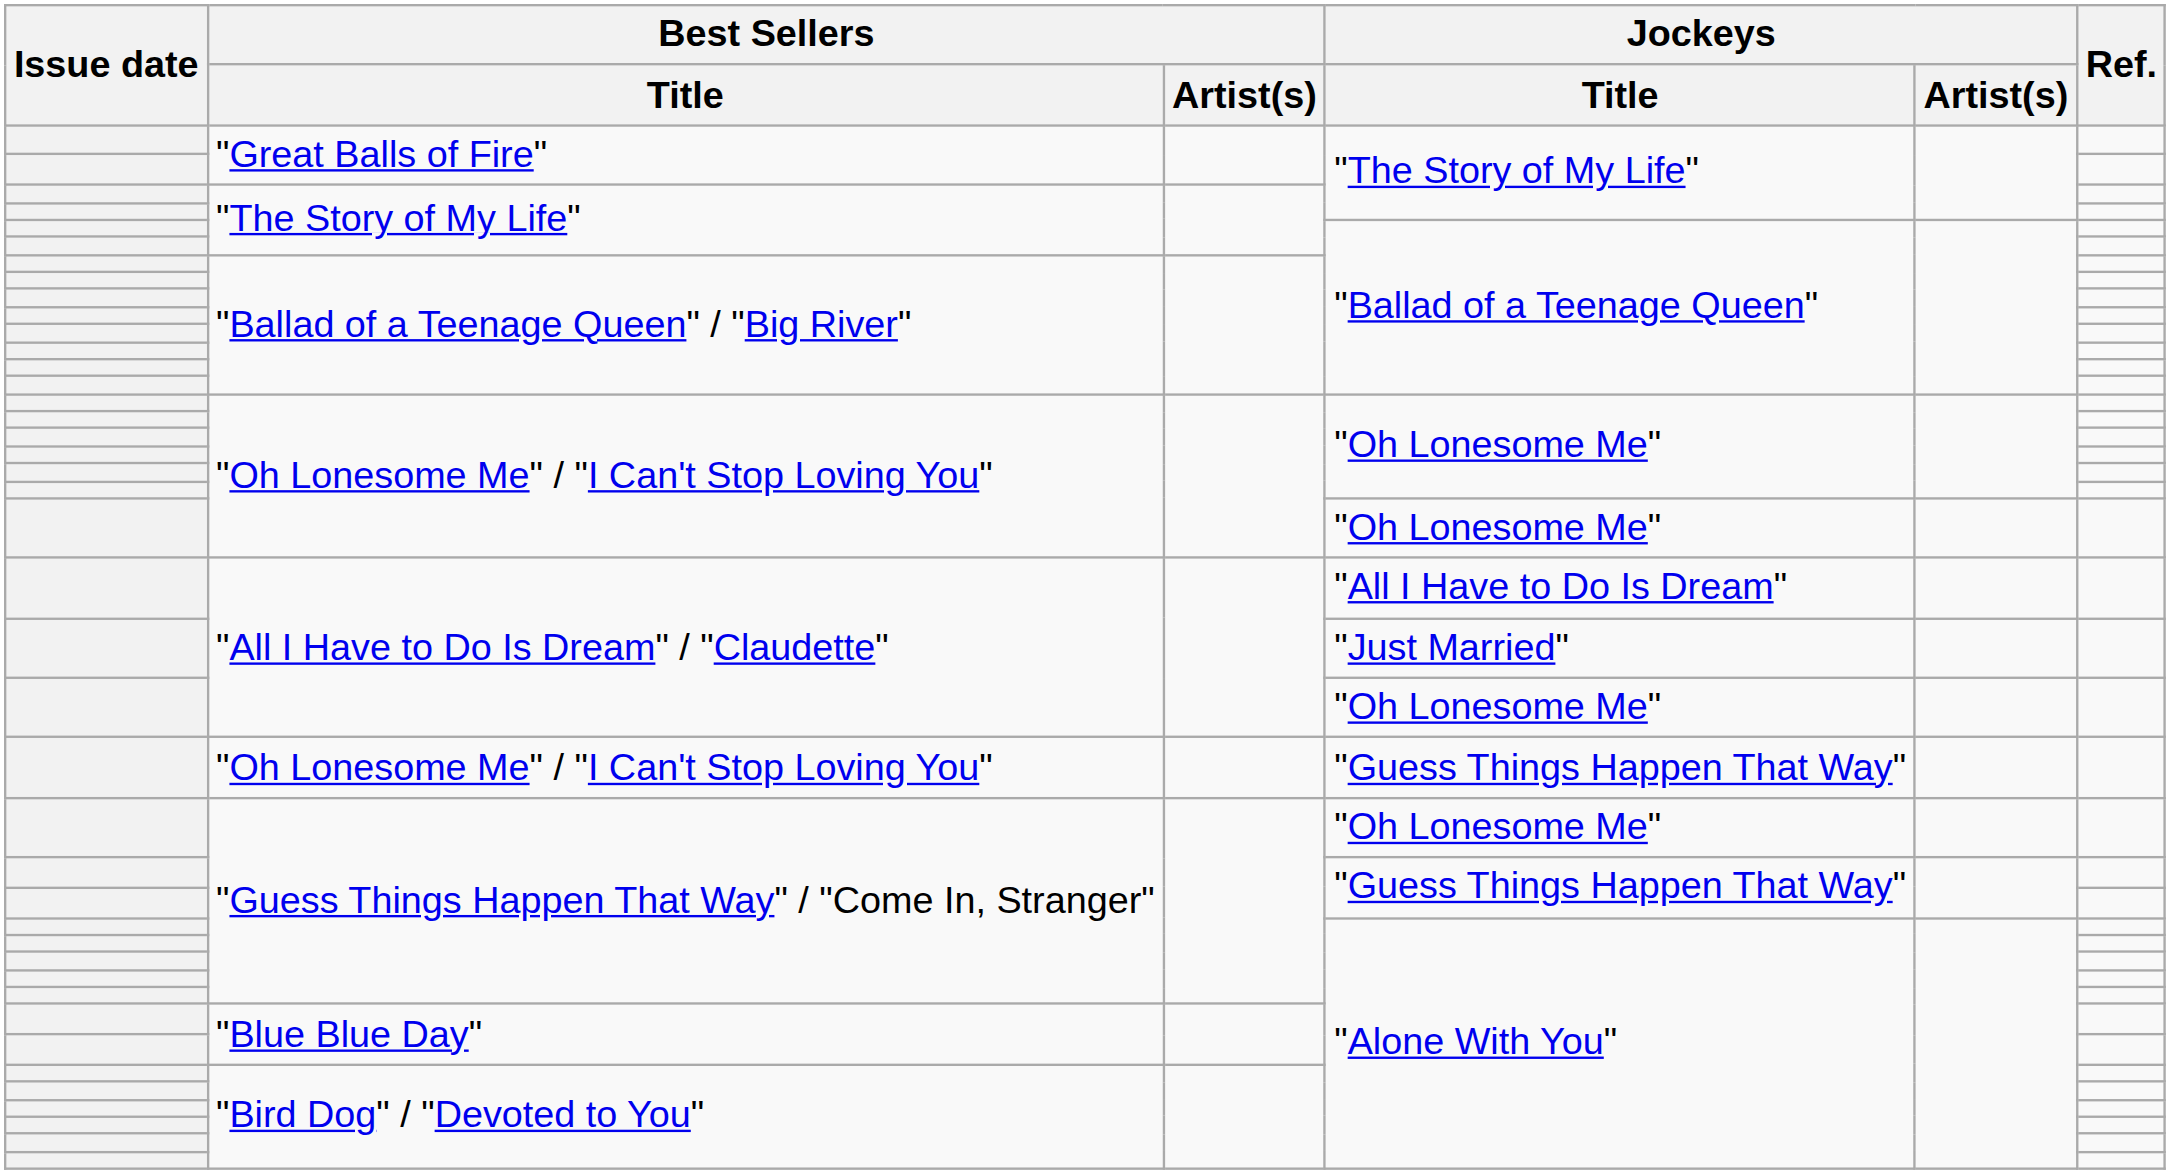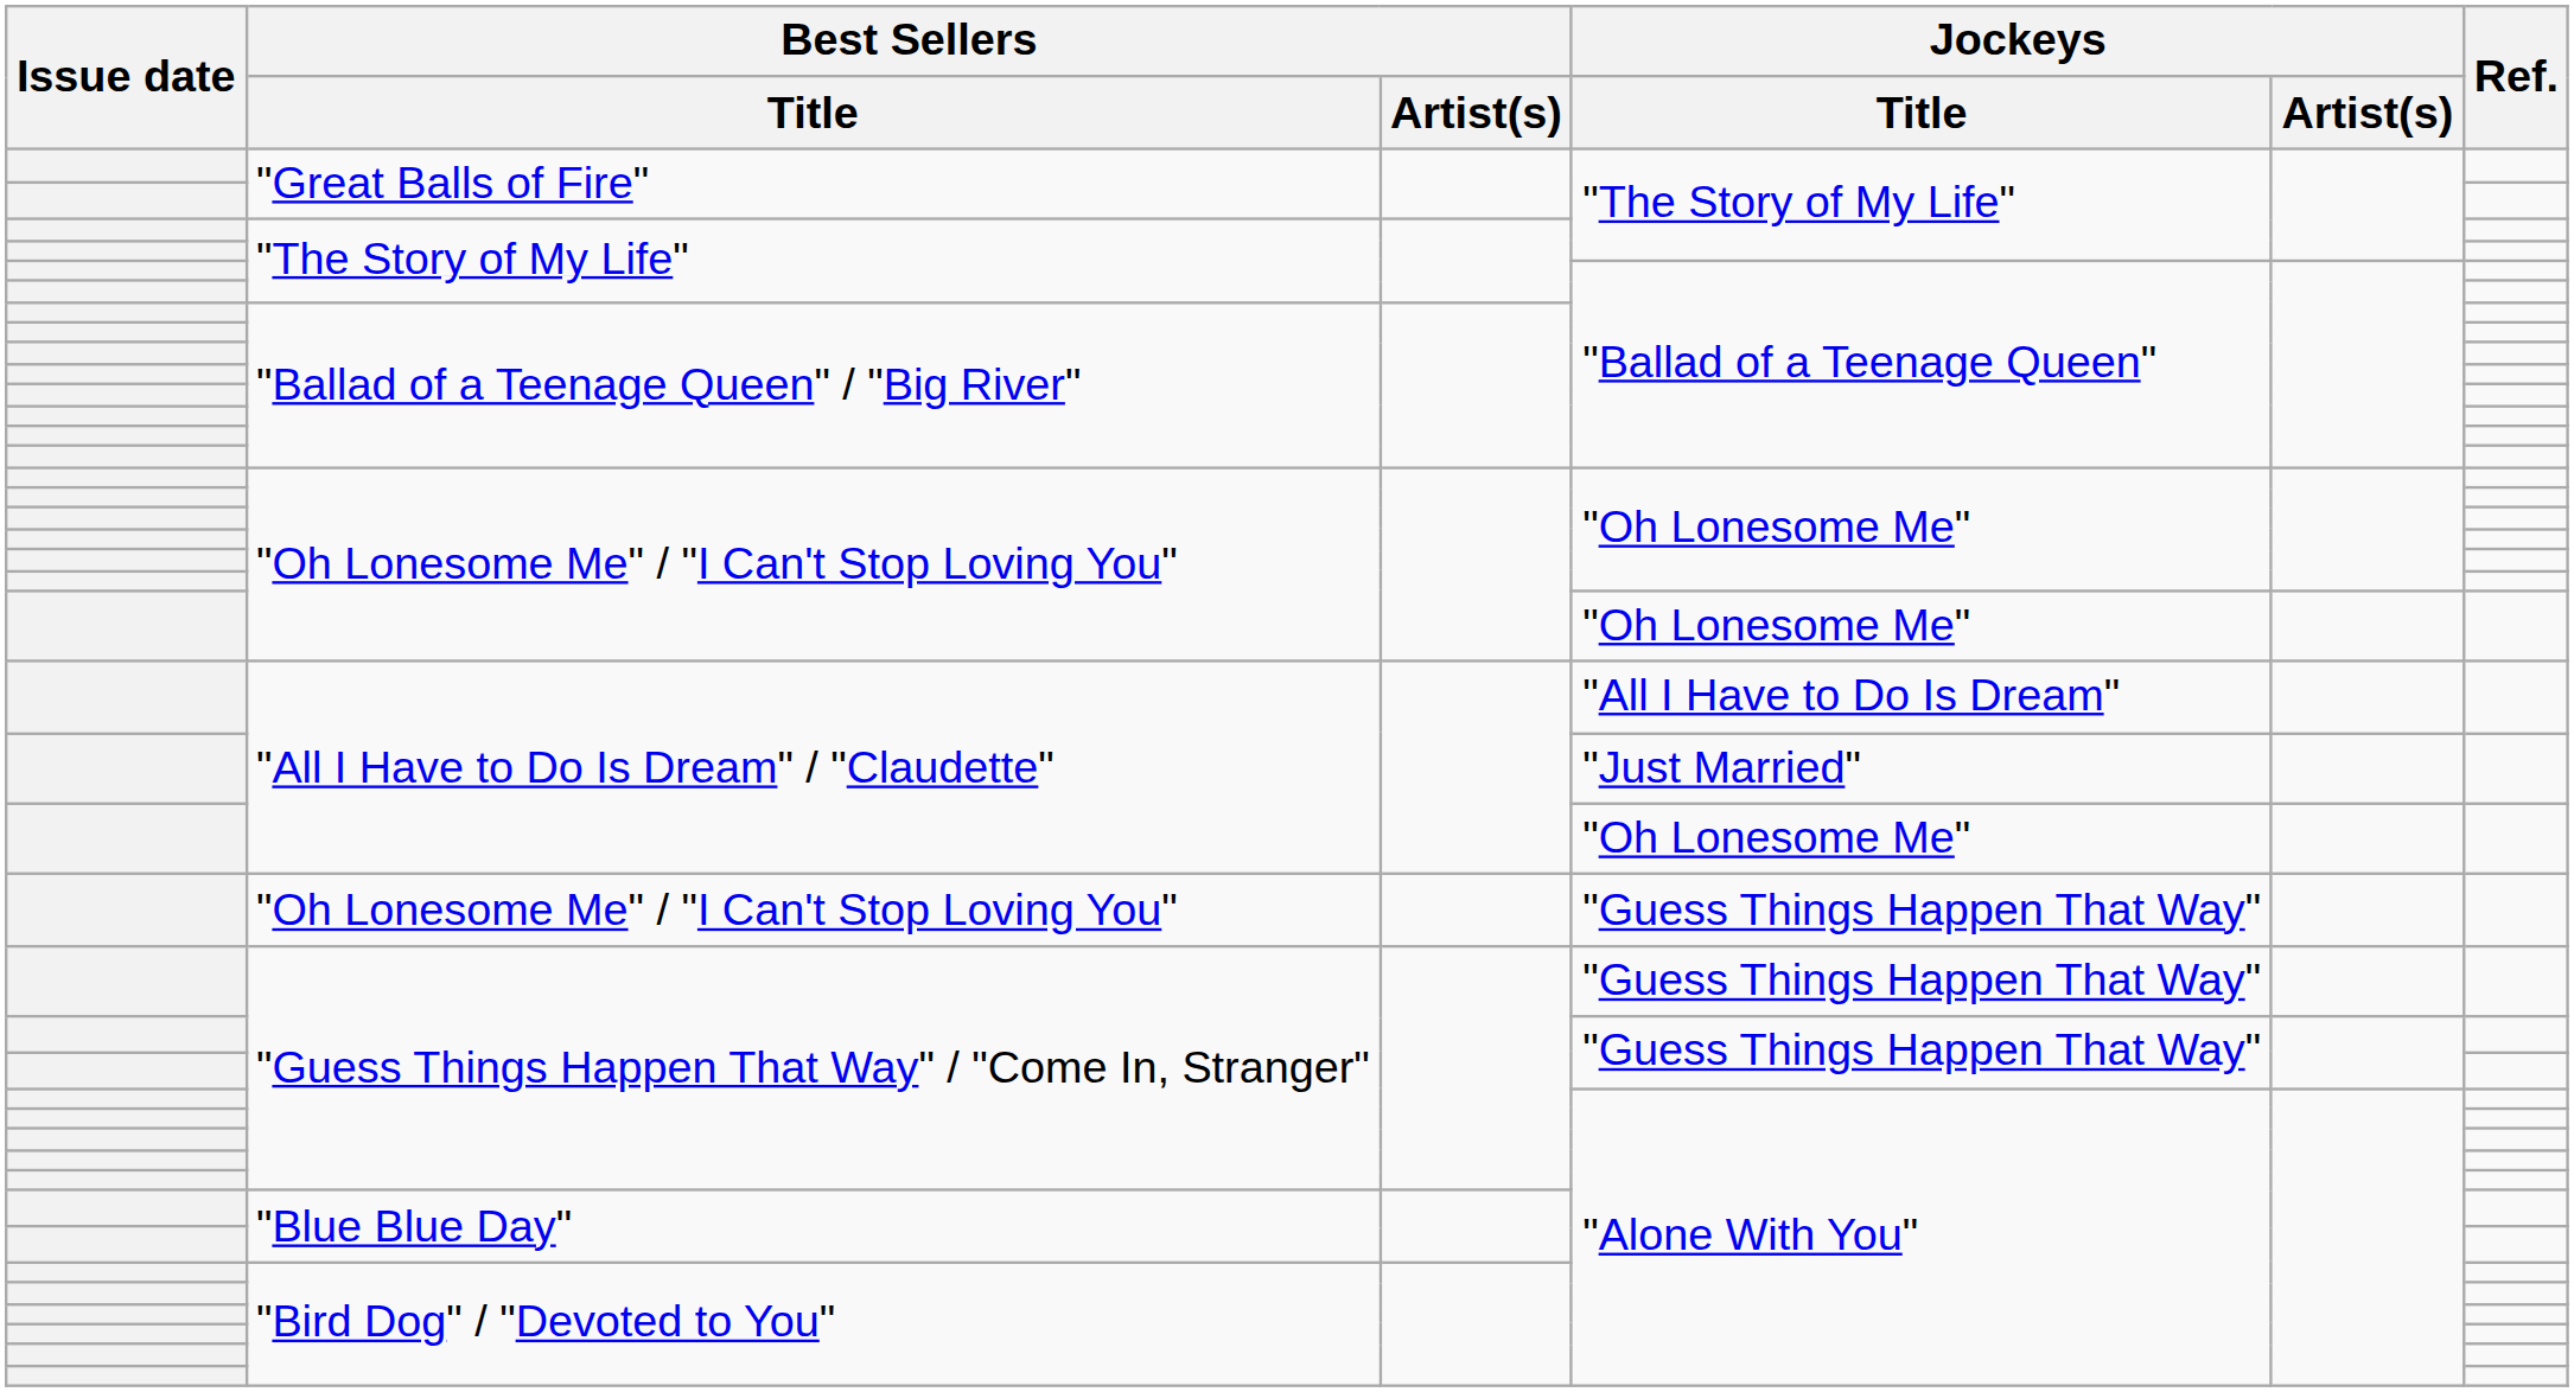 <table class="wikitable sortable plainrowheaders">
 <tr>
 <th scope=col rowspan=2>Issue date</th>
 <th scope=col colspan=2>Best Sellers</th>
 <th scope=col colspan=2>Jockeys</th>
 <th scope=col rowspan=2 class=unsortable>Ref.</th>
 </tr>
 <tr>
 <th scope=col>Title</th>
 <th scope=col>Artist(s)</th>
 <th scope=col>Title</th>
 <th scope=col>Artist(s)</th>
 </tr>
 <tr>
 <th scope=row></th>
 <td rowspan="2">"<a href='#'>Great Balls of Fire</a>"</td>
 <td rowspan="2"></td>
 <td rowspan="4">"<a href='#'>The Story of My Life</a>"</td>
 <td rowspan="4"></td>
 <td rowspan="1" align=center></td>
 </tr>
 <tr>
 <th scope=row></th>
 <td align=center></td>
 </tr>
 <tr>
 <th scope=row></th>
 <td rowspan="4">"<a href='#'>The Story of My Life</a>"</td>
 <td rowspan="4"></td>
 <td align=center></td>
 </tr>
 <tr>
 <th scope=row></th>
 <td align=center></td>
 </tr>
 <tr>
 <th scope=row></th>
 <td rowspan=10>"<a href='#'>Ballad of a Teenage Queen</a>"</td>
 <td rowspan=10></td>
 <td align=center></td>
 </tr>
 <tr>
 <th scope=row></th>
 <td align=center></td>
 </tr>
 <tr>
 <th scope=row></th>
 <td rowspan="8">"<a href='#'>Ballad of a Teenage Queen</a>" / "<a href='#'>Big River</a>"</td>
 <td rowspan="8"></td>
 <td align=center></td>
 </tr>
 <tr>
 <th scope=row></th>
 <td align=center></td>
 </tr>
 <tr>
 <th scope=row></th>
 <td align=center></td>
 </tr>
 <tr>
 <th scope=row></th>
 <td align=center></td>
 </tr>
 <tr>
 <th scope=row></th>
 <td align=center></td>
 </tr>
 <tr>
 <th scope=row></th>
 <td align=center></td>
 </tr>
 <tr>
 <th scope=row></th>
 <td align=center></td>
 </tr>
 <tr>
 <th scope=row></th>
 <td align=center></td>
 </tr>
 <tr>
 <th scope=row></th>
 <td rowspan="7">"<a href='#'>Oh Lonesome Me</a>" / "<a href='#'>I Can't Stop Loving You</a>"</td>
 <td rowspan="7"></td>
 <td rowspan=6>"<a href='#'>Oh Lonesome Me</a>"</td>
 <td rowspan=6></td>
 <td align=center></td>
 </tr>
 <tr>
 <th scope=row></th>
 <td align=center></td>
 </tr>
 <tr>
 <th scope=row></th>
 <td align=center></td>
 </tr>
 <tr>
 <th scope=row></th>
 <td align=center></td>
 </tr>
 <tr>
 <th scope=row></th>
 <td align=center></td>
 </tr>
 <tr>
 <th scope=row></th>
 <td align=center></td>
 </tr>
 <tr>
 <th scope=row></th>
 <td>"<a href='#'>Oh Lonesome Me</a>"</td>
 <td></td>
 <td align=center></td>
 </tr>
 <tr>
 <th scope=row></th>
 <td rowspan="3">"<a href='#'>All I Have to Do Is Dream</a>" / "<a href='#'>Claudette</a>"</td>
 <td rowspan="3"></td>
 <td>"<a href='#'>All I Have to Do Is Dream</a>"</td>
 <td></td>
 <td align=center></td>
 </tr>
 <tr>
 <th scope=row></th>
 <td>"<a href='#'>Just Married</a>"</td>
 <td></td>
 <td align=center></td>
 </tr>
 <tr>
 <th scope=row></th>
 <td>"<a href='#'>Oh Lonesome Me</a>"</td>
 <td></td>
 <td align=center></td>
 </tr>
 <tr>
 <th scope=row></th>
 <td rowspan="1">"<a href='#'>Oh Lonesome Me</a>" / "<a href='#'>I Can't Stop Loving You</a>"</td>
 <td rowspan="1"></td>
 <td>"<a href='#'>Guess Things Happen That Way</a>"</td>
 <td></td>
 <td align=center></td>
 </tr>
 <tr>
 <th scope=row></th>
 <td rowspan="8">"<a href='#'>Guess Things Happen That Way</a>" / "Come In, Stranger"</td>
 <td rowspan="8"></td>
-<td>"<a href='#'>Oh Lonesome Me</a>"</td>
+<td>"<a href='#'>Guess Things Happen That Way</a>"</td>
 <td></td>
 <td align=center></td>
 </tr>
 <tr>
 <th scope=row></th>
 <td rowspan=2>"<a href='#'>Guess Things Happen That Way</a>"</td>
 <td rowspan=2></td>
 <td align=center></td>
 </tr>
 <tr>
 <th scope=row></th>
 <td align=center></td>
 </tr>
 <tr>
 <th scope=row></th>
 <td rowspan=13>"<a href='#'>Alone With You</a>"</td>
 <td rowspan=13></td>
 <td align=center></td>
 </tr>
 <tr>
 <th scope=row></th>
 <td align=center></td>
 </tr>
 <tr>
 <th scope=row></th>
 <td align=center></td>
 </tr>
 <tr>
 <th scope=row></th>
 <td align=center></td>
 </tr>
 <tr>
 <th scope=row></th>
 <td align=center></td>
 </tr>
 <tr>
 <th scope=row></th>
 <td rowspan="2">"<a href='#'>Blue Blue Day</a>"</td>
 <td rowspan="2"></td>
 <td align=center></td>
 </tr>
 <tr>
 <th scope=row></th>
 <td align=center></td>
 </tr>
 <tr>
 <th scope=row></th>
 <td rowspan="6">"<a href='#'>Bird Dog</a>" / "<a href='#'>Devoted to You</a>"</td>
 <td rowspan="6"></td>
 <td align=center></td>
 </tr>
 <tr>
 <th scope=row></th>
 <td align=center></td>
 </tr>
 <tr>
 <th scope=row></th>
 <td align=center></td>
 </tr>
 <tr>
 <th scope=row></th>
 <td align=center></td>
 </tr>
 <tr>
 <th scope=row></th>
 <td align=center></td>
 </tr>
 <tr>
 <th scope=row></th>
 <td align=center></td>
 </tr>
 </table>
